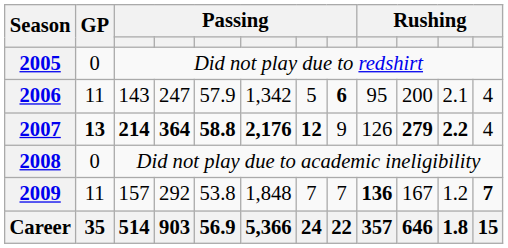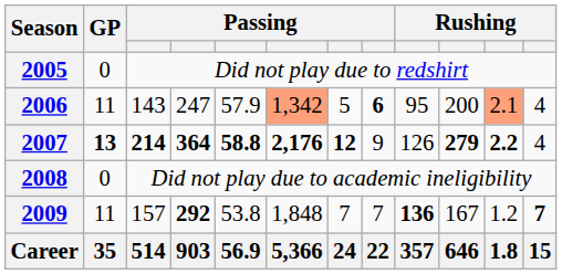 <table class="wikitable" style="text-align:center;">
 <tr>
 <th rowspan="2">Season</th>
 <th rowspan="2">GP</th>
 <th colspan="6">Passing</th>
 <th colspan="4">Rushing</th>
 </tr>
 <tr>
 <th></th>
 <th></th>
 <th></th>
 <th></th>
 <th></th>
 <th></th>
 <th></th>
 <th></th>
 <th></th>
 <th></th>
 </tr>
 <tr>
 <th><a href='#'>2005</a></th>
 <td>0</td>
 <td colspan="10"><em>Did not play due to <a href='#'>redshirt</a></em></td>
 </tr>
 <tr>
 <th><a href='#'>2006</a></th>
 <td>11</td>
 <td>143</td>
 <td>247</td>
 <td>57.9</td>
-<td>1,342</td>
+<td style="background: lightsalmon;">1,342</td>
 <td>5</td>
 <td><strong>6</strong></td>
 <td>95</td>
 <td>200</td>
-<td>2.1</td>
+<td style="background: lightsalmon;">2.1</td>
 <td>4</td>
 </tr>
 <tr>
 <th><a href='#'>2007</a></th>
 <td><strong>13</strong></td>
 <td><strong>214</strong></td>
 <td><strong>364</strong></td>
 <td><strong>58.8</strong></td>
 <td><strong>2,176</strong></td>
 <td><strong>12</strong></td>
 <td>9</td>
 <td>126</td>
 <td><strong>279</strong></td>
 <td><strong>2.2</strong></td>
 <td>4</td>
 </tr>
 <tr>
 <th><a href='#'>2008</a></th>
 <td>0</td>
 <td colspan="10"><em>Did not play due to academic ineligibility</em></td>
 </tr>
 <tr>
 <th><a href='#'>2009</a></th>
 <td>11</td>
 <td>157</td>
-<td>292</td>
+<td><strong>292</strong></td>
 <td>53.8</td>
 <td>1,848</td>
 <td>7</td>
 <td>7</td>
 <td><strong>136</strong></td>
 <td>167</td>
 <td>1.2</td>
 <td><strong>7</strong></td>
 </tr>
 <tr>
 <th>Career</th>
 <th>35</th>
 <th>514</th>
 <th>903</th>
 <th>56.9</th>
 <th>5,366</th>
 <th>24</th>
 <th>22</th>
 <th>357</th>
 <th>646</th>
 <th>1.8</th>
 <th>15</th>
 </tr>
 </table>
